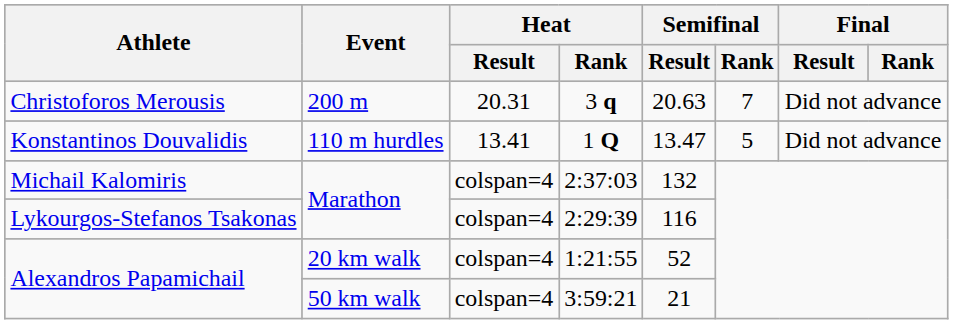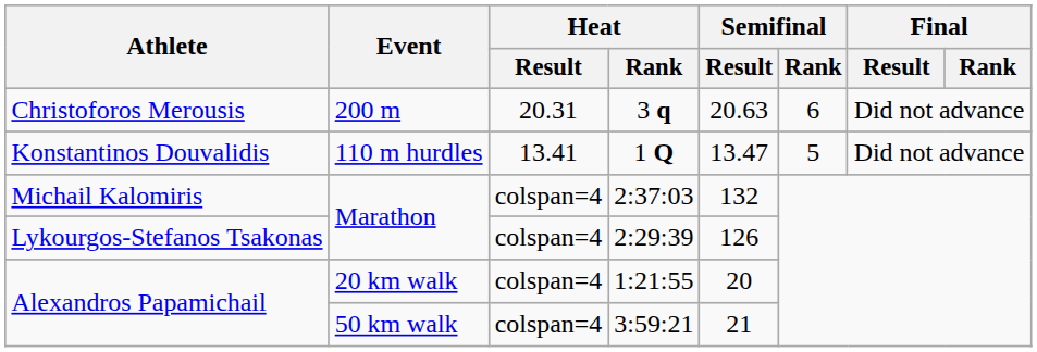 <table class="wikitable" style="font-size:90%">
 <tr>
 <th rowspan="2">Athlete</th>
 <th rowspan="2">Event</th>
 <th colspan="2">Heat</th>
 <th colspan="2">Semifinal</th>
 <th colspan="2">Final</th>
 </tr>
 <tr style="font-size:95%">
 <th>Result</th>
 <th>Rank</th>
 <th>Result</th>
 <th>Rank</th>
 <th>Result</th>
 <th>Rank</th>
 </tr>
 <tr align=center>
 <td align=left><a href='#'>Christoforos Merousis</a></td>
 <td align=left><a href='#'>200 m</a></td>
 <td>20.31</td>
 <td>3 <strong>q</strong></td>
 <td>20.63</td>
-<td>7</td>
+<td>6</td>
 <td colspan=2>Did not advance</td>
 </tr>
 <tr align=center>
 <td align=left><a href='#'>Konstantinos Douvalidis</a></td>
 <td align=left><a href='#'>110 m hurdles</a></td>
 <td>13.41</td>
 <td>1 <strong>Q</strong></td>
 <td>13.47</td>
 <td>5</td>
 <td colspan=2>Did not advance</td>
 </tr>
 <tr align=center>
 <td align=left><a href='#'>Michail Kalomiris</a></td>
 <td align=left rowspan=2><a href='#'>Marathon</a></td>
 <td>colspan=4 </td>
 <td>2:37:03</td>
 <td>132</td>
 </tr>
 <tr align=center>
 <td align=left><a href='#'>Lykourgos-Stefanos Tsakonas</a></td>
 <td>colspan=4 </td>
 <td>2:29:39</td>
-<td>116</td>
+<td>126</td>
 </tr>
 <tr align=center>
 <td align=left rowspan=2><a href='#'>Alexandros Papamichail</a></td>
 <td align=left><a href='#'>20 km walk</a></td>
 <td>colspan=4 </td>
 <td>1:21:55</td>
-<td>52</td>
+<td>20</td>
 </tr>
 <tr align=center>
 <td align=left><a href='#'>50 km walk</a></td>
 <td>colspan=4 </td>
 <td>3:59:21</td>
 <td>21</td>
 </tr>
 </table>
